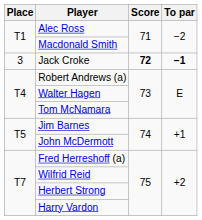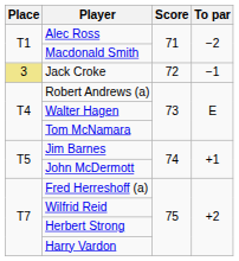 <table class="wikitable">
 <tr>
 <th>Place</th>
 <th>Player</th>
 <th>Score</th>
 <th>To par</th>
 </tr>
 <tr>
 <td rowspan=2 align=center>T1</td>
 <td> <a href='#'>Alec Ross</a></td>
 <td rowspan=2 align=center>71</td>
 <td rowspan=2 align=center>−2</td>
 </tr>
 <tr>
 <td> <a href='#'>Macdonald Smith</a></td>
 </tr>
 <tr>
-<td align=center>3</td>
+<td align=center style="background: khaki;">3</td>
 <td> Jack Croke</td>
-<td align=center><strong>72</strong></td>
-<td align=center><strong>−1</strong></td>
+<td align=center>72</td>
+<td align=center>−1</td>
 </tr>
 <tr>
 <td rowspan=3 align=center>T4</td>
 <td> Robert Andrews (a)</td>
 <td rowspan=3 align=center>73</td>
 <td rowspan=3 align=center>E</td>
 </tr>
 <tr>
 <td> <a href='#'>Walter Hagen</a></td>
 </tr>
 <tr>
 <td> <a href='#'>Tom McNamara</a></td>
 </tr>
 <tr>
 <td rowspan=2 align=center>T5</td>
 <td> <a href='#'>Jim Barnes</a></td>
 <td rowspan=2 align=center>74</td>
 <td rowspan=2 align=center>+1</td>
 </tr>
 <tr>
 <td> <a href='#'>John McDermott</a></td>
 </tr>
 <tr>
 <td rowspan=4 align=center>T7</td>
 <td> <a href='#'>Fred Herreshoff</a> (a)</td>
 <td rowspan=4 align=center>75</td>
 <td rowspan=4 align=center>+2</td>
 </tr>
 <tr>
 <td> <a href='#'>Wilfrid Reid</a></td>
 </tr>
 <tr>
 <td> <a href='#'>Herbert Strong</a></td>
 </tr>
 <tr>
 <td> <a href='#'>Harry Vardon</a></td>
 </tr>
 </table>
